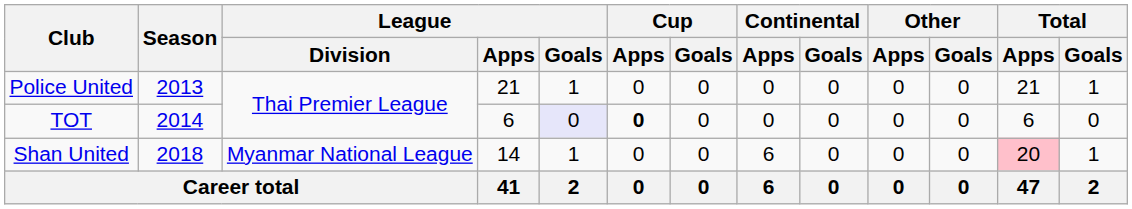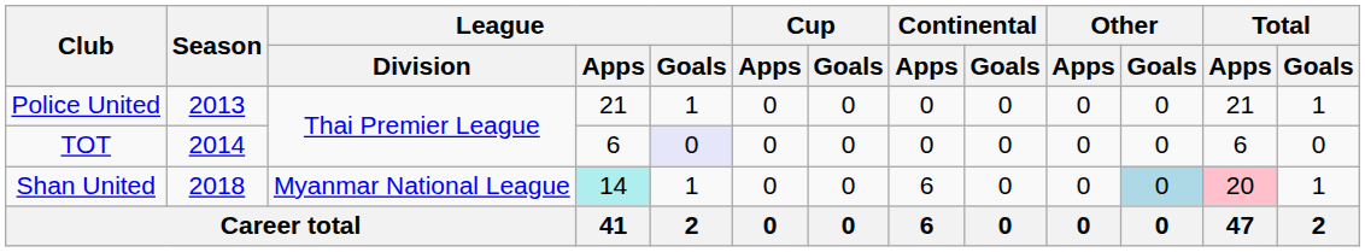 <table class="wikitable" style="text-align: center">
 <tr>
 <th rowspan="2">Club</th>
 <th rowspan="2">Season</th>
 <th colspan="3">League</th>
 <th colspan="2">Cup</th>
 <th colspan="2">Continental</th>
 <th colspan="2">Other</th>
 <th colspan="2">Total</th>
 </tr>
 <tr>
 <th>Division</th>
 <th>Apps</th>
 <th>Goals</th>
 <th>Apps</th>
 <th>Goals</th>
 <th>Apps</th>
 <th>Goals</th>
 <th>Apps</th>
 <th>Goals</th>
 <th>Apps</th>
 <th>Goals</th>
 </tr>
 <tr>
 <td><a href='#'>Police United</a></td>
 <td><a href='#'>2013</a></td>
 <td rowspan="2"><a href='#'>Thai Premier League</a></td>
 <td>21</td>
 <td>1</td>
 <td>0</td>
 <td>0</td>
 <td>0</td>
 <td>0</td>
 <td>0</td>
 <td>0</td>
 <td>21</td>
 <td>1</td>
 </tr>
 <tr>
 <td><a href='#'>TOT</a></td>
 <td><a href='#'>2014</a></td>
 <td>6</td>
 <td style="background: lavender;">0</td>
-<td><strong>0</strong></td>
+<td>0</td>
 <td>0</td>
 <td>0</td>
 <td>0</td>
 <td>0</td>
 <td>0</td>
 <td>6</td>
 <td>0</td>
 </tr>
 <tr>
 <td><a href='#'>Shan United</a></td>
 <td><a href='#'>2018</a></td>
 <td><a href='#'>Myanmar National League</a></td>
-<td>14</td>
+<td style="background: paleturquoise;">14</td>
 <td>1</td>
 <td>0</td>
 <td>0</td>
 <td>6</td>
 <td>0</td>
 <td>0</td>
-<td>0</td>
+<td style="background: lightblue;">0</td>
 <td style="background: pink;">20</td>
 <td>1</td>
 </tr>
 <tr>
 <th colspan=3>Career total</th>
 <th>41</th>
 <th>2</th>
 <th>0</th>
 <th>0</th>
 <th>6</th>
 <th>0</th>
 <th>0</th>
 <th>0</th>
 <th>47</th>
 <th>2</th>
 </tr>
 </table>
